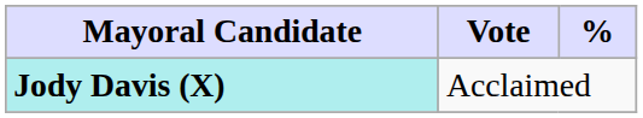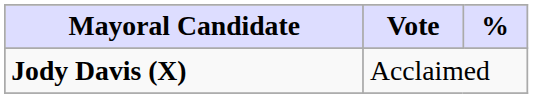 <table class="wikitable">
 <tr>
 <th style="background:#ddf; width:200px;">Mayoral Candidate </th>
 <th style="background:#ddf; width:50px;">Vote</th>
 <th style="background:#ddf; width:30px;">%</th>
 </tr>
 <tr>
-<td style="background: paleturquoise;"><strong>Jody Davis (X)</strong></td>
+<td><strong>Jody Davis (X)</strong></td>
 <td colspan="2">Acclaimed</td>
 </tr>
 </table>
